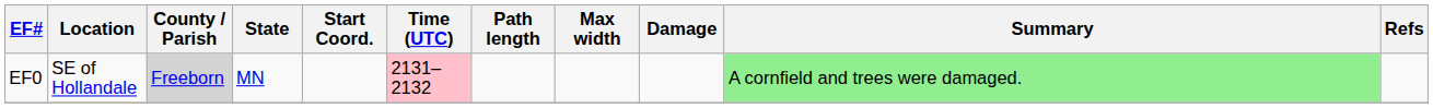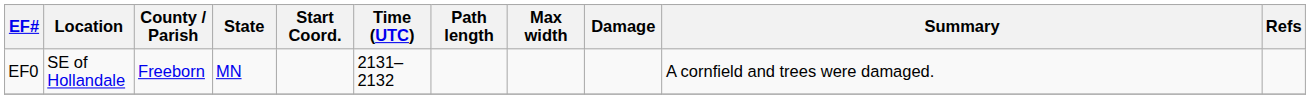 <table class="wikitable sortable" style="width:100%;">
 <tr>
 <th scope="col" width="3%" align="center"><a href='#'>EF#</a></th>
 <th scope="col" width="7%" align="center" class="unsortable">Location</th>
 <th scope="col" width="6%" align="center" class="unsortable">County / Parish</th>
 <th scope="col" width="5%" align="center">State</th>
 <th scope="col" width="6%" align="center">Start Coord.</th>
 <th scope="col" width="6%" align="center">Time (<a href='#'>UTC</a>)</th>
 <th scope="col" width="6%" align="center">Path length</th>
 <th scope="col" width="6%" align="center">Max width</th>
 <th scope="col" width="6%" align="center">Damage</th>
 <th scope="col" width="48%" class="unsortable" align="center">Summary</th>
 <th scope="col" width="48%" class="unsortable" align="center">Refs</th>
 </tr>
 <tr>
 <td>EF0</td>
 <td>SE of <a href='#'>Hollandale</a></td>
-<td style="background: lightgrey;"><a href='#'>Freeborn</a></td>
+<td><a href='#'>Freeborn</a></td>
 <td><a href='#'>MN</a></td>
 <td></td>
-<td style="background: pink;">2131–2132</td>
+<td>2131–2132</td>
 <td></td>
 <td></td>
 <td></td>
-<td style="background: lightgreen;">A cornfield and trees were damaged.</td>
+<td>A cornfield and trees were damaged.</td>
 <td></td>
 </tr>
 <tr>
 </tr>
 </table>
